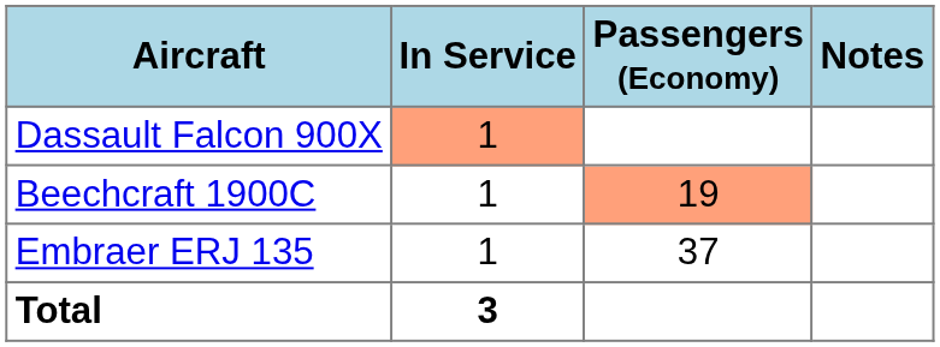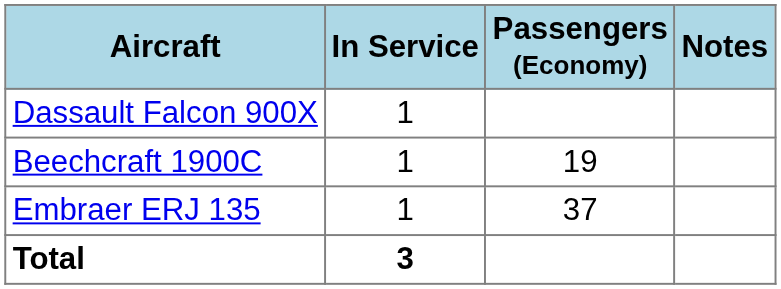 <table class="toccolours" border="1" cellpadding="3" style="border-collapse:collapse; margin:1em auto;">
 <tr bgcolor=lightblue>
 <th>Aircraft</th>
 <th>In Service</th>
 <th>Passengers<br><small>(Economy)</small></th>
 <th>Notes</th>
 </tr>
 <tr>
 <td><a href='#'>Dassault Falcon 900X</a></td>
-<td align="center" style="background: lightsalmon;">1</td>
+<td align="center">1</td>
 <td align="center"></td>
 <td></td>
 </tr>
 <tr>
 <td><a href='#'>Beechcraft 1900C</a></td>
 <td align="center">1</td>
-<td align="center" style="background: lightsalmon;">19</td>
+<td align="center">19</td>
 <td></td>
 </tr>
 <tr>
 <td><a href='#'>Embraer ERJ 135</a></td>
 <td align="center">1</td>
 <td align="center">37</td>
 <td></td>
 </tr>
 <tr>
 <td><strong>Total</strong></td>
 <th>3</th>
 <th></th>
 </tr>
 </table>
